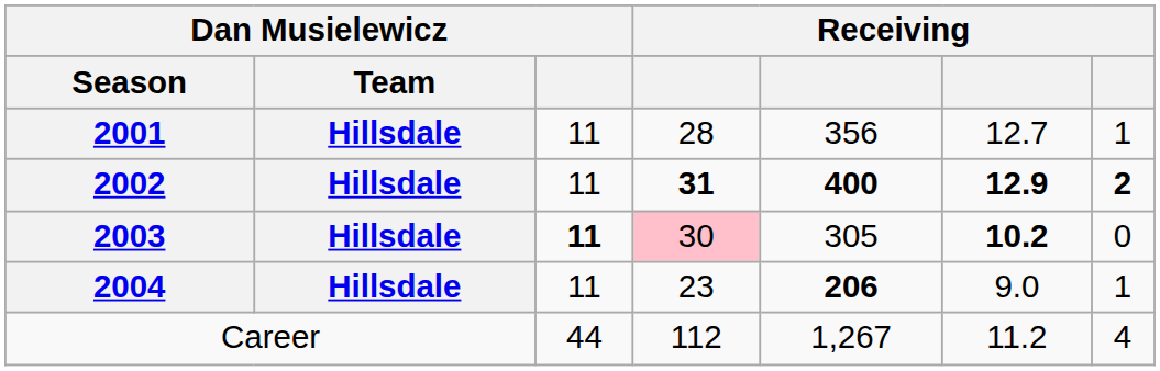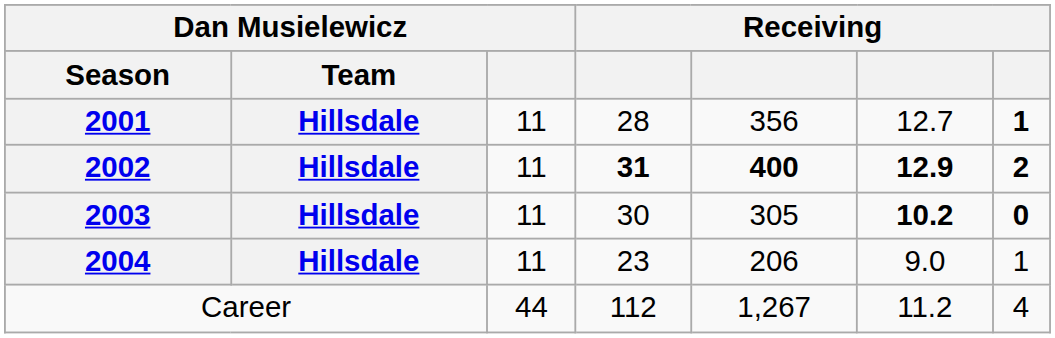 <table class="wikitable" float="left" border="1" style="text-align:center; width:45%;">
 <tr>
 <th colspan="3">Dan Musielewicz</th>
 <th colspan="4">Receiving</th>
 </tr>
 <tr>
 <th>Season</th>
 <th>Team</th>
 <th></th>
 <th></th>
 <th></th>
 <th></th>
 <th></th>
 </tr>
 <tr>
 <th><a href='#'>2001</a></th>
 <th><a href='#'>Hillsdale</a></th>
 <td>11</td>
 <td>28</td>
 <td>356</td>
 <td>12.7</td>
-<td>1</td>
+<td><strong>1</strong></td>
 </tr>
 <tr>
 <th><a href='#'>2002</a></th>
 <th><a href='#'>Hillsdale</a></th>
 <td>11</td>
 <td><strong>31</strong></td>
 <td><strong>400</strong></td>
 <td><strong>12.9</strong></td>
 <td><strong>2</strong></td>
 </tr>
 <tr>
 <th><a href='#'>2003</a></th>
 <th><a href='#'>Hillsdale</a></th>
-<td><strong>11</strong></td>
-<td style="background: pink;">30</td>
+<td>11</td>
+<td>30</td>
 <td>305</td>
 <td><strong>10.2</strong></td>
-<td>0</td>
+<td><strong>0</strong></td>
 </tr>
 <tr>
 <th><a href='#'>2004</a></th>
 <th><a href='#'>Hillsdale</a></th>
 <td>11</td>
 <td>23</td>
-<td><strong>206</strong></td>
+<td>206</td>
 <td>9.0</td>
 <td>1</td>
 </tr>
 <tr>
 <td colspan="2">Career</td>
 <td>44</td>
 <td>112</td>
 <td>1,267</td>
 <td>11.2</td>
 <td>4</td>
 </tr>
 </table>
